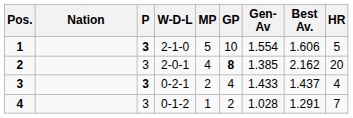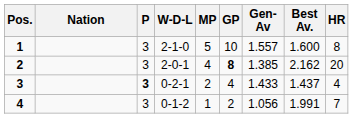 <table class="wikitable" style="text-align:center">
 <tr>
 <th>Pos.</th>
 <th style="width:8em">Nation</th>
 <th style="width:1em">P</th>
 <th style="width:3em">W-D-L</th>
 <th style="width:1em">MP</th>
 <th style="width:1em">GP</th>
 <th ! style="width:3em">Gen-Av</th>
 <th style="width:3em">Best Av.</th>
 <th style="width:1em">HR</th>
 </tr>
 <tr class="hintergrundfarbe6">
 <td><strong>1</strong></td>
 <td style="text-align:left"></td>
-<td><strong>3</strong></td>
+<td>3</td>
 <td>2-1-0</td>
 <td>5</td>
 <td>10</td>
-<td>1.554</td>
-<td>1.606</td>
-<td>5</td>
+<td>1.557</td>
+<td>1.600</td>
+<td>8</td>
 </tr>
 <tr class="hintergrundfarbe6">
 <td><strong>2</strong></td>
 <td style="text-align:left"></td>
 <td>3</td>
 <td>2-0-1</td>
 <td>4</td>
 <td><strong>8</strong></td>
 <td>1.385</td>
 <td>2.162</td>
 <td>20</td>
 </tr>
 <tr>
 <td><strong>3</strong></td>
 <td style="text-align:left"></td>
 <td><strong>3</strong></td>
 <td>0-2-1</td>
 <td>2</td>
 <td>4</td>
 <td>1.433</td>
 <td>1.437</td>
 <td>4</td>
 </tr>
 <tr>
 <td><strong>4</strong></td>
 <td style="text-align:left"></td>
 <td>3</td>
 <td>0-1-2</td>
 <td>1</td>
 <td>2</td>
-<td>1.028</td>
-<td>1.291</td>
+<td>1.056</td>
+<td>1.991</td>
 <td>7</td>
 </tr>
 </table>
